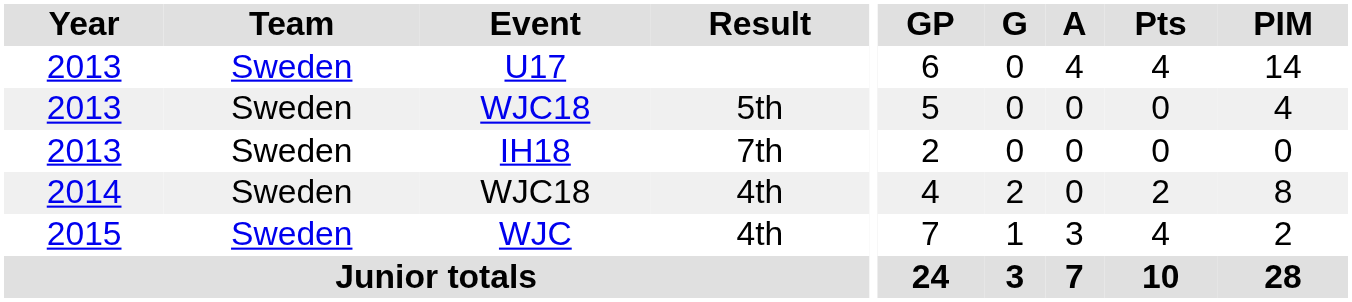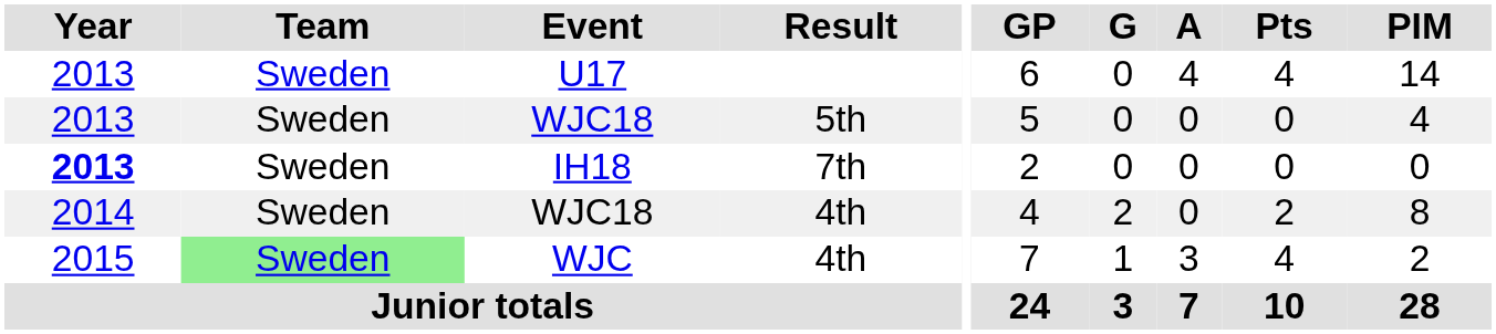 <table border="0" cellpadding="1" cellspacing="0" ID="Table3" style="text-align:center; width:40em;">
 <tr bgcolor="#e0e0e0">
 <th>Year</th>
 <th>Team</th>
 <th>Event</th>
 <th>Result</th>
 <th rowspan="99" bgcolor="#ffffff"></th>
 <th>GP</th>
 <th>G</th>
 <th>A</th>
 <th>Pts</th>
 <th>PIM</th>
 </tr>
 <tr>
 <td><a href='#'>2013</a></td>
 <td><a href='#'>Sweden</a></td>
 <td><a href='#'>U17</a></td>
 <td></td>
 <td>6</td>
 <td>0</td>
 <td>4</td>
 <td>4</td>
 <td>14</td>
 </tr>
 <tr bgcolor="#f0f0f0">
 <td><a href='#'>2013</a></td>
 <td>Sweden</td>
 <td><a href='#'>WJC18</a></td>
 <td>5th</td>
 <td>5</td>
 <td>0</td>
 <td>0</td>
 <td>0</td>
 <td>4</td>
 </tr>
 <tr>
-<td><a href='#'>2013</a></td>
+<td><strong><a href='#'>2013</a></strong></td>
 <td>Sweden</td>
 <td><a href='#'>IH18</a></td>
 <td>7th</td>
 <td>2</td>
 <td>0</td>
 <td>0</td>
 <td>0</td>
 <td>0</td>
 </tr>
 <tr bgcolor="#f0f0f0">
 <td><a href='#'>2014</a></td>
 <td>Sweden</td>
 <td>WJC18</td>
 <td>4th</td>
 <td>4</td>
 <td>2</td>
 <td>0</td>
 <td>2</td>
 <td>8</td>
 </tr>
 <tr>
 <td><a href='#'>2015</a></td>
-<td><a href='#'>Sweden</a></td>
+<td style="background: lightgreen;"><a href='#'>Sweden</a></td>
 <td><a href='#'>WJC</a></td>
 <td>4th</td>
 <td>7</td>
 <td>1</td>
 <td>3</td>
 <td>4</td>
 <td>2</td>
 </tr>
 <tr bgcolor="#e0e0e0">
 <th colspan="4">Junior totals</th>
 <th>24</th>
 <th>3</th>
 <th>7</th>
 <th>10</th>
 <th>28</th>
 </tr>
 </table>
